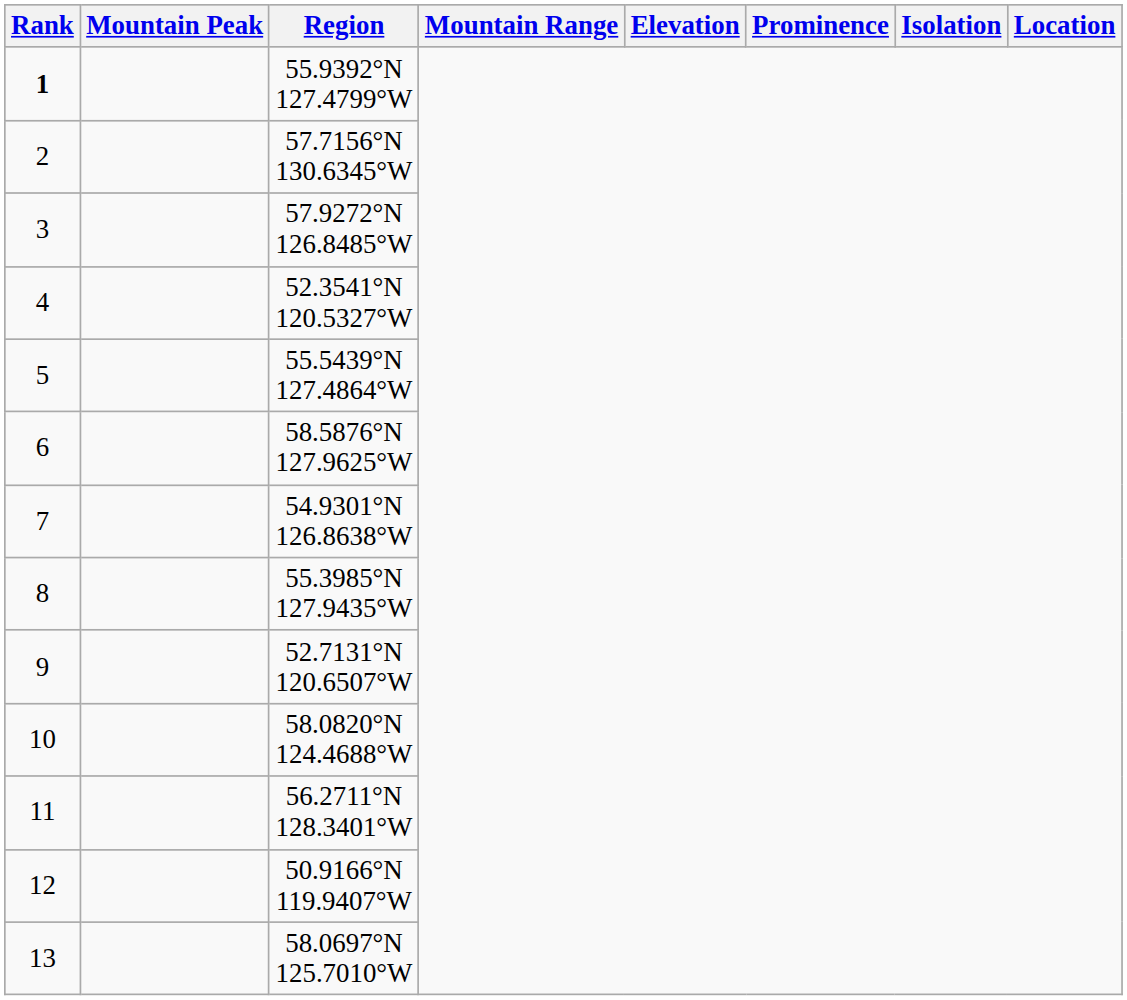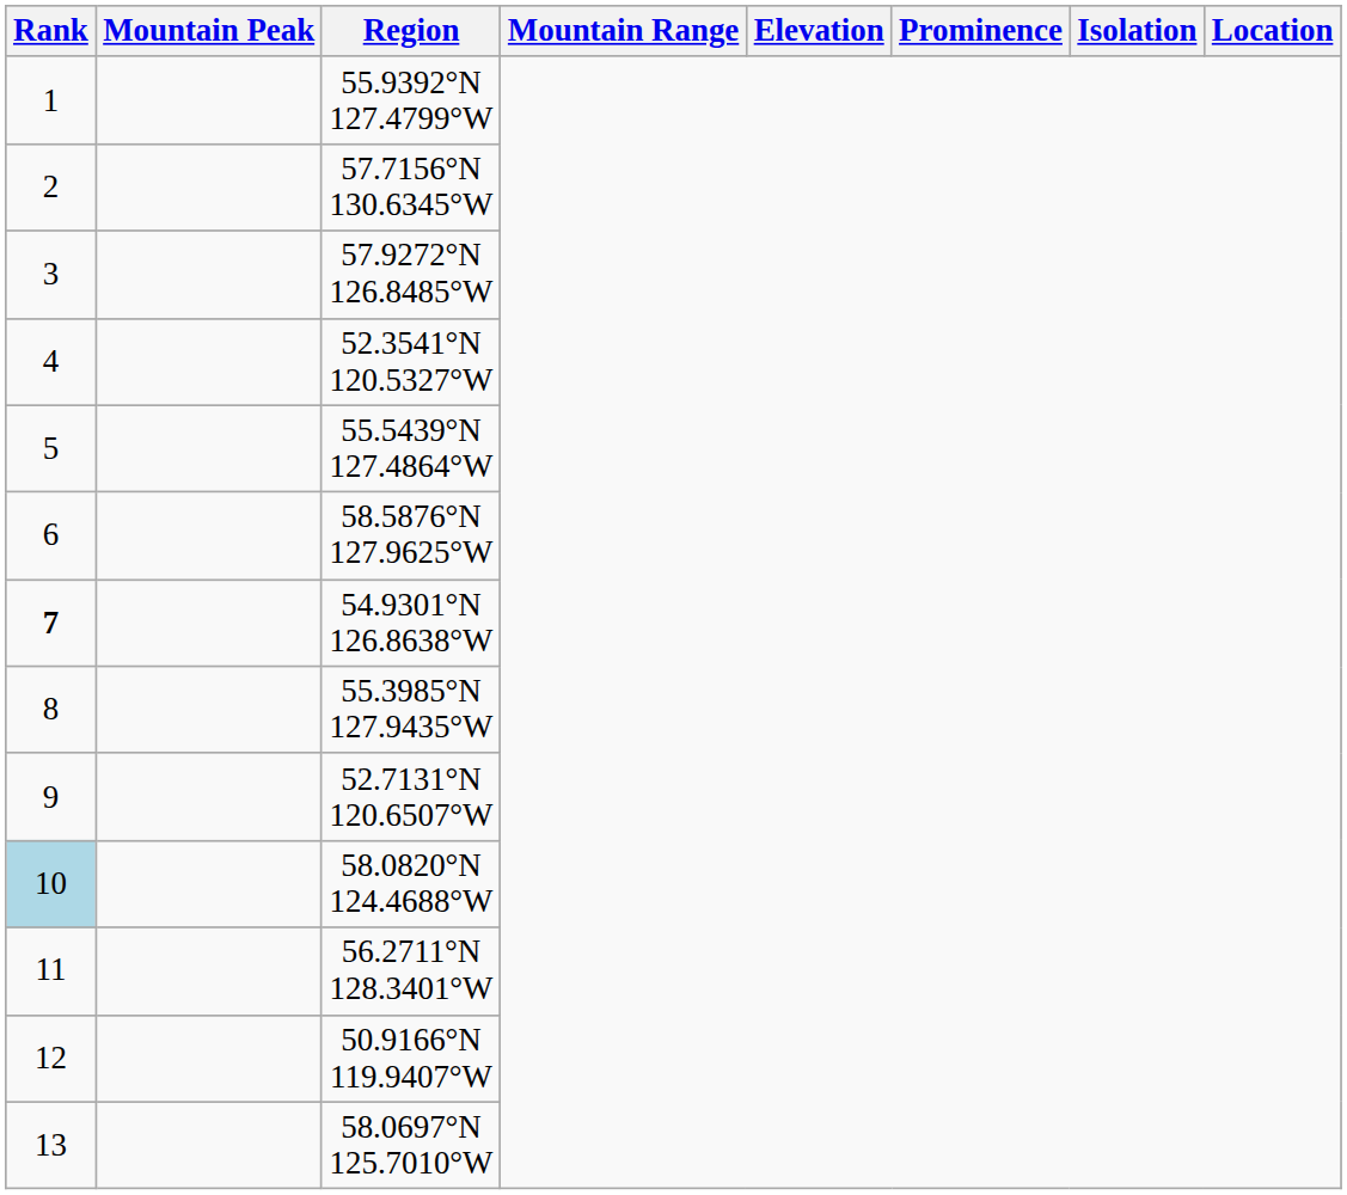 <table class="wikitable sortable">
 <tr>
 <th><a href='#'>Rank</a></th>
 <th><a href='#'>Mountain Peak</a></th>
 <th><a href='#'>Region</a></th>
 <th><a href='#'>Mountain Range</a></th>
 <th><a href='#'>Elevation</a></th>
 <th><a href='#'>Prominence</a></th>
 <th><a href='#'>Isolation</a></th>
 <th><a href='#'>Location</a></th>
 </tr>
 <tr>
-<td align=center><strong>1<br></strong></td>
+<td align=center>1<br></td>
 <td><br> </td>
 <td align=center>55.9392°N<br>127.4799°W</td>
 </tr>
 <tr>
 <td align=center>2<br></td>
 <td><br> </td>
 <td align=center>57.7156°N<br>130.6345°W</td>
 </tr>
 <tr>
 <td align=center>3<br></td>
 <td><br> </td>
 <td align=center>57.9272°N<br>126.8485°W</td>
 </tr>
 <tr>
 <td align=center>4<br></td>
 <td><br> </td>
 <td align=center>52.3541°N<br>120.5327°W</td>
 </tr>
 <tr>
 <td align=center>5<br></td>
 <td><br> </td>
 <td align=center>55.5439°N<br>127.4864°W</td>
 </tr>
 <tr>
 <td align=center>6<br></td>
 <td><br> </td>
 <td align=center>58.5876°N<br>127.9625°W</td>
 </tr>
 <tr>
-<td align=center>7<br></td>
+<td align=center><strong>7<br></strong></td>
 <td><br> </td>
 <td align=center>54.9301°N<br>126.8638°W</td>
 </tr>
 <tr>
 <td align=center>8<br></td>
 <td><br> </td>
 <td align=center>55.3985°N<br>127.9435°W</td>
 </tr>
 <tr>
 <td align=center>9<br></td>
 <td><br> </td>
 <td align=center>52.7131°N<br>120.6507°W</td>
 </tr>
 <tr>
-<td align=center>10<br></td>
+<td align=center style="background: lightblue;">10<br></td>
 <td><br> </td>
 <td align=center>58.0820°N<br>124.4688°W</td>
 </tr>
 <tr>
 <td align=center>11<br></td>
 <td><br> </td>
 <td align=center>56.2711°N<br>128.3401°W</td>
 </tr>
 <tr>
 <td align=center>12<br></td>
 <td><br> </td>
 <td align=center>50.9166°N<br>119.9407°W</td>
 </tr>
 <tr>
 <td align=center>13<br></td>
 <td><br> </td>
 <td align=center>58.0697°N<br>125.7010°W</td>
 </tr>
 </table>
